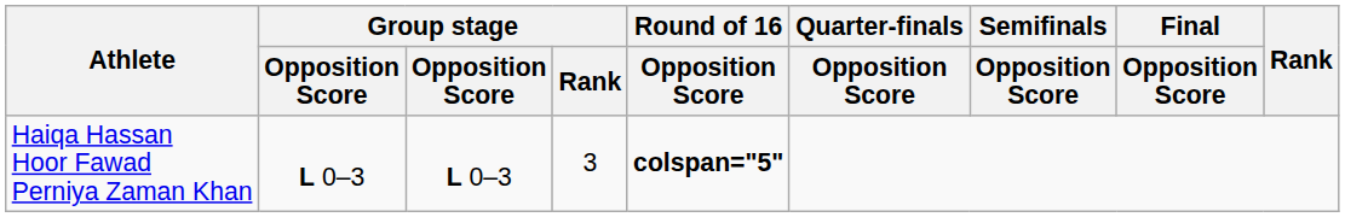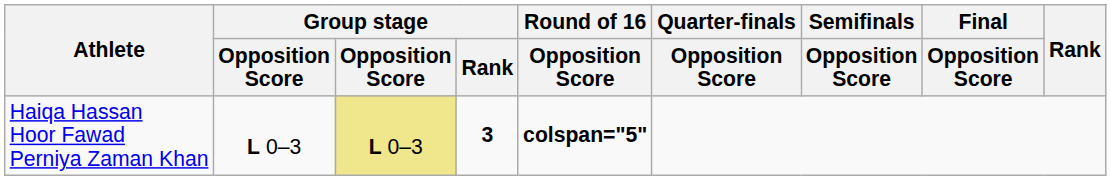 <table class=wikitable style="text-align:center; font-size:90%">
 <tr>
 <th rowspan="2">Athlete</th>
 <th colspan=3>Group stage</th>
 <th>Round of 16</th>
 <th>Quarter-finals</th>
 <th>Semifinals</th>
 <th>Final</th>
 <th rowspan="2">Rank</th>
 </tr>
 <tr>
 <th>Opposition<br>Score</th>
 <th>Opposition<br>Score</th>
 <th>Rank</th>
 <th>Opposition<br>Score</th>
 <th>Opposition<br>Score</th>
 <th>Opposition<br>Score</th>
 <th>Opposition<br>Score</th>
 </tr>
 <tr>
 <td align=left><a href='#'>Haiqa Hassan</a><br><a href='#'>Hoor Fawad</a><br><a href='#'>Perniya Zaman Khan</a></td>
 <td><br><strong>L</strong> 0–3</td>
-<td><br><strong>L</strong> 0–3</td>
-<td>3</td>
+<td style="background: khaki;"><br><strong>L</strong> 0–3</td>
+<td><strong>3</strong></td>
 <td><strong>colspan="5"</strong></td>
 </tr>
 </table>
